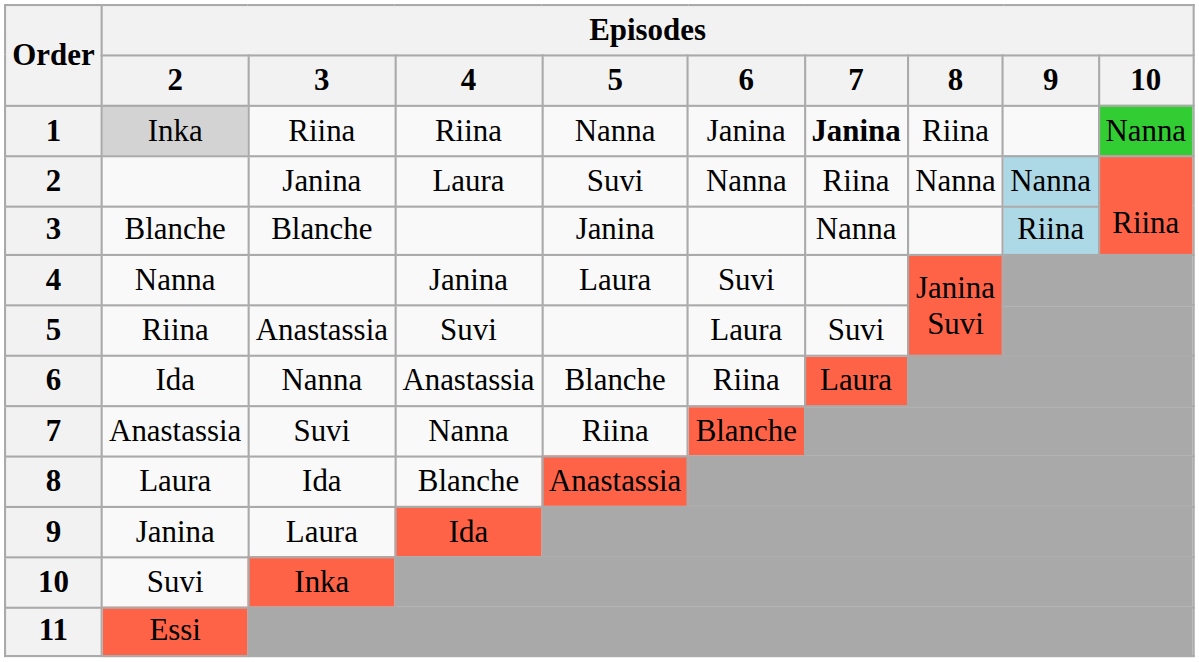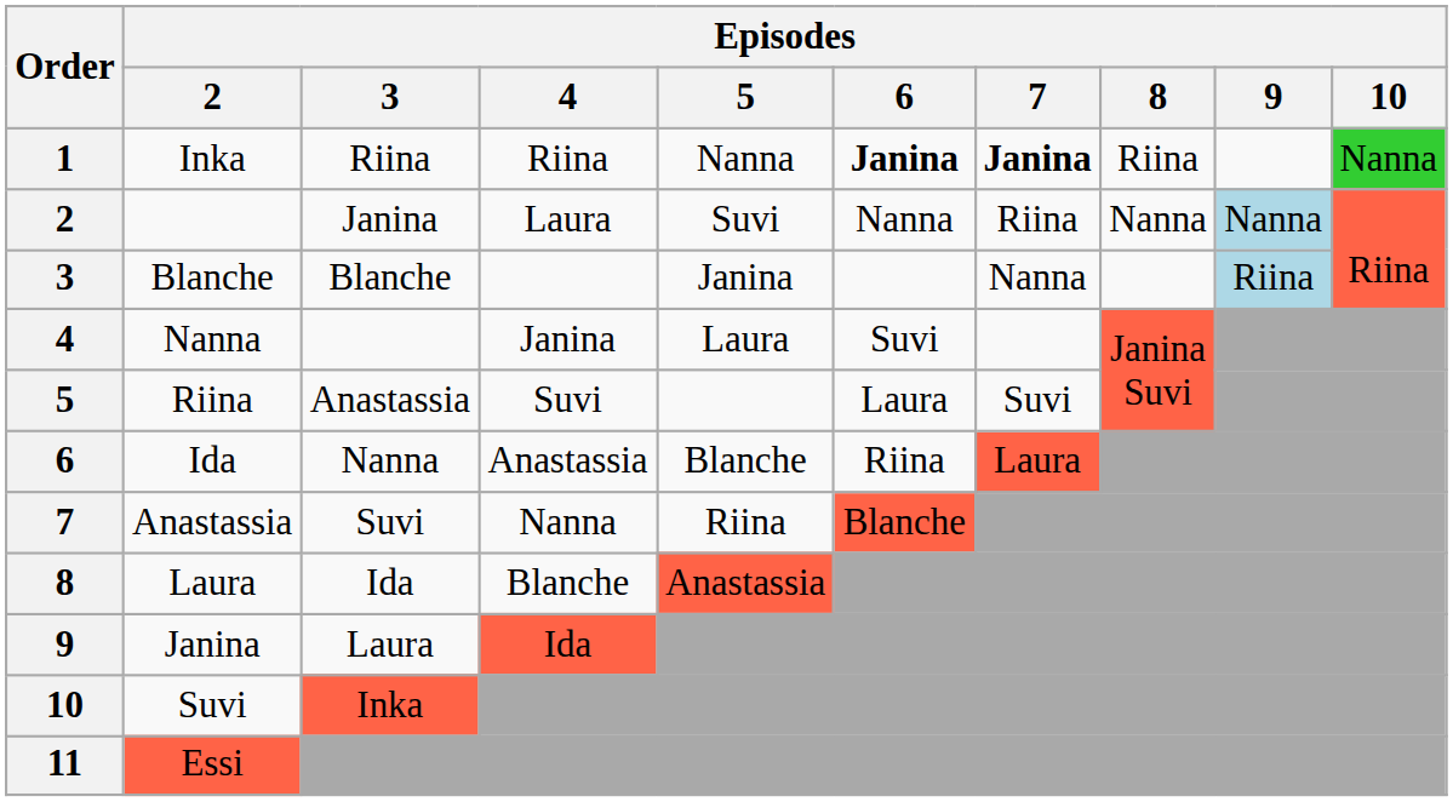 <table class="wikitable" style="text-align:center; font-size:92%">
 <tr>
 <th rowspan=2>Order</th>
 <th colspan=9>Episodes</th>
 </tr>
 <tr>
 <th>2</th>
 <th>3</th>
 <th>4</th>
 <th>5</th>
 <th>6</th>
 <th>7</th>
 <th>8</th>
 <th>9</th>
 <th>10</th>
 </tr>
 <tr>
 <th>1</th>
-<td style="background: lightgrey;">Inka</td>
+<td>Inka</td>
 <td>Riina</td>
 <td>Riina</td>
 <td>Nanna</td>
-<td>Janina</td>
+<td><strong>Janina</strong></td>
 <td><strong>Janina</strong></td>
 <td>Riina</td>
 <td></td>
 <td bgcolor="limegreen">Nanna</td>
 </tr>
 <tr>
 <th>2</th>
 <td></td>
 <td>Janina</td>
 <td>Laura</td>
 <td>Suvi</td>
 <td>Nanna</td>
 <td>Riina</td>
 <td>Nanna</td>
 <td bgcolor="lightblue">Nanna</td>
 <td bgcolor="tomato" rowspan="2"><br>Riina</td>
 </tr>
 <tr>
 <th>3</th>
 <td>Blanche</td>
 <td>Blanche</td>
 <td></td>
 <td>Janina</td>
 <td></td>
 <td>Nanna</td>
 <td></td>
 <td bgcolor="lightblue">Riina</td>
 </tr>
 <tr>
 <th>4</th>
 <td>Nanna</td>
 <td></td>
 <td>Janina</td>
 <td>Laura</td>
 <td>Suvi</td>
 <td></td>
 <td bgcolor="tomato" rowspan="2">Janina<br>Suvi</td>
 <td bgcolor="darkgray" colspan=3></td>
 </tr>
 <tr>
 <th>5</th>
 <td>Riina</td>
 <td>Anastassia</td>
 <td>Suvi</td>
 <td></td>
 <td>Laura</td>
 <td>Suvi</td>
 <td bgcolor="darkgray" colspan=4></td>
 </tr>
 <tr>
 <th>6</th>
 <td>Ida</td>
 <td>Nanna</td>
 <td>Anastassia</td>
 <td>Blanche</td>
 <td>Riina</td>
 <td bgcolor="tomato">Laura</td>
 <td bgcolor="darkgray" colspan=5></td>
 </tr>
 <tr>
 <th>7</th>
 <td>Anastassia</td>
 <td>Suvi</td>
 <td>Nanna</td>
 <td>Riina</td>
 <td bgcolor="tomato">Blanche</td>
 <td bgcolor="darkgray" colspan=6></td>
 </tr>
 <tr>
 <th>8</th>
 <td>Laura</td>
 <td>Ida</td>
 <td>Blanche</td>
 <td bgcolor="tomato">Anastassia</td>
 <td bgcolor="darkgray" colspan=7></td>
 </tr>
 <tr>
 <th>9</th>
 <td>Janina</td>
 <td>Laura</td>
 <td bgcolor="tomato">Ida</td>
 <td bgcolor="darkgray" colspan=8></td>
 </tr>
 <tr>
 <th>10</th>
 <td>Suvi</td>
 <td bgcolor="tomato">Inka</td>
 <td bgcolor="darkgray" colspan=9></td>
 </tr>
 <tr>
 <th>11</th>
 <td bgcolor="tomato">Essi</td>
 <td bgcolor="darkgray" colspan=10></td>
 </tr>
 </table>
